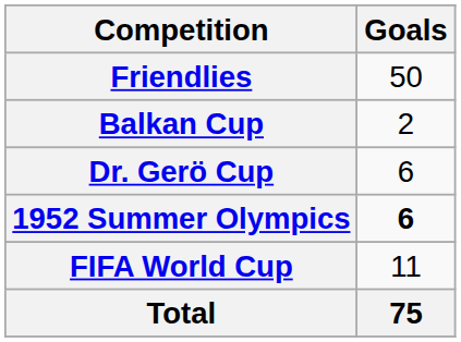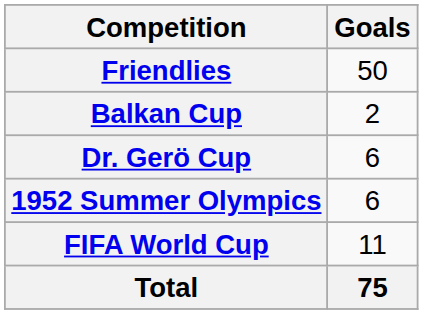 <table class="wikitable plainrowheaders sortable" style="text-align:center; font-size:95%">
 <tr>
 <th scope="col">Competition</th>
 <th scope="col">Goals</th>
 </tr>
 <tr>
 <th scope="row"><a href='#'>Friendlies</a></th>
 <td>50</td>
 </tr>
 <tr>
 <th scope="row"><a href='#'>Balkan Cup</a></th>
 <td>2</td>
 </tr>
 <tr>
 <th scope="row"><a href='#'>Dr. Gerö Cup</a></th>
 <td>6</td>
 </tr>
 <tr>
 <th scope="row"><a href='#'>1952 Summer Olympics</a></th>
-<td><strong>6</strong></td>
+<td>6</td>
 </tr>
 <tr>
 <th scope="row"><a href='#'>FIFA World Cup</a></th>
 <td>11</td>
 </tr>
 <tr>
 <th>Total</th>
 <th>75</th>
 </tr>
 </table>
